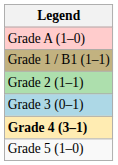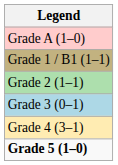 <table class=wikitable style=font-size:90%;>
 <tr>
 <th>Legend</th>
 </tr>
 <tr style=background:#ffcccc>
 <td>Grade A (1–0)</td>
 </tr>
 <tr style=background:#C2B280>
 <td>Grade 1 / B1 (1–1)</td>
 </tr>
 <tr style=background:#ADDFAD>
 <td>Grade 2 (1–1)</td>
 </tr>
 <tr style=background:lightblue>
 <td>Grade 3 (0–1)</td>
 </tr>
 <tr style=background:#ffecb2>
-<td><strong>Grade 4 (3–1)</strong></td>
+<td>Grade 4 (3–1)</td>
 </tr>
 <tr>
-<td>Grade 5 (1–0)</td>
+<td><strong>Grade 5 (1–0)</strong></td>
 </tr>
 </table>
